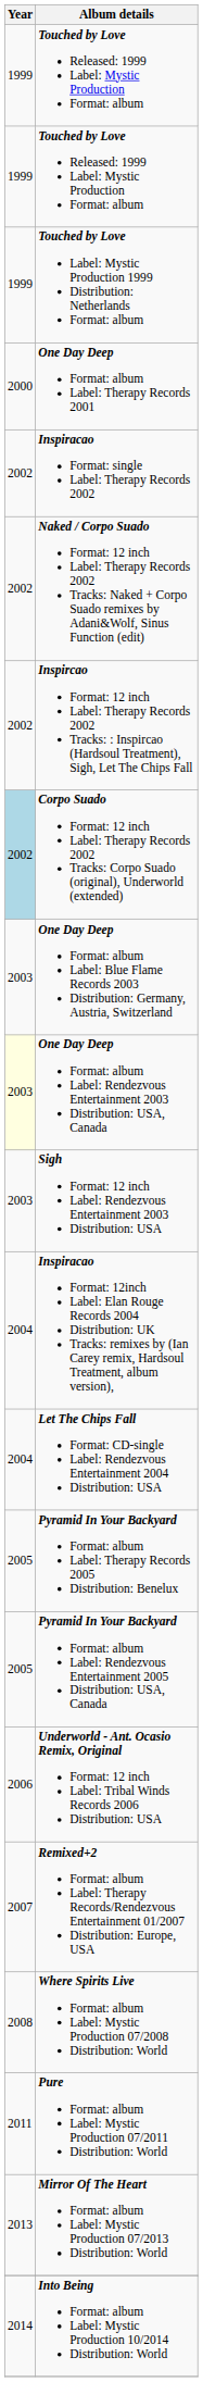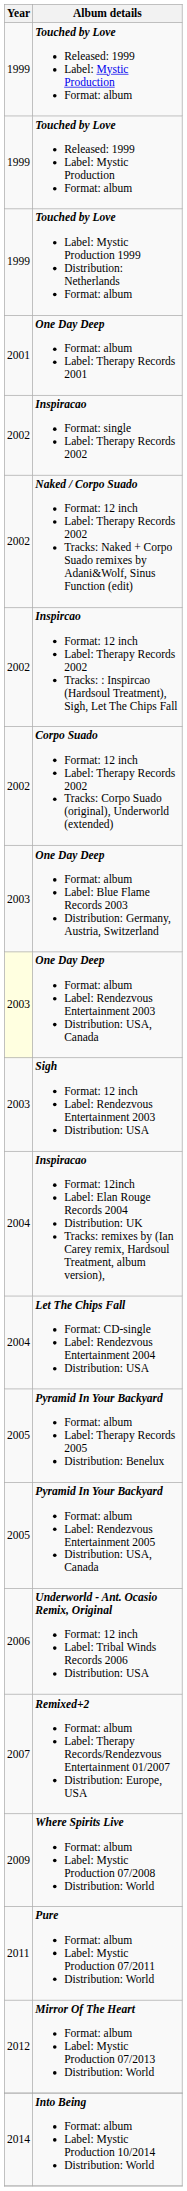 <table class="wikitable" style="text-align:center;">
 <tr>
 <th rowspan="1" style="width:30px;">Year</th>
 <th rowspan="1" style="width:200px;">Album details</th>
 </tr>
 <tr>
 <td style="text-align:left;">1999</td>
 <td style="text-align:left;"><strong><em>Touched by Love</em></strong><br><ul><li>Released: 1999</li><li>Label: <a href='#'>Mystic Production</a></li><li>Format: album</li></ul></td>
 </tr>
 <tr>
 <td style="text-align:left;">1999</td>
 <td style="text-align:left;"><strong><em>Touched by Love</em></strong><br><ul><li>Released: 1999</li><li>Label: Mystic Production</li><li>Format:  album</li></ul></td>
 </tr>
 <tr>
 <td style="text-align:left;">1999</td>
 <td style="text-align:left;"><strong><em>Touched by Love</em></strong><br><ul><li>Label: Mystic Production 1999</li><li>Distribution:  Netherlands</li><li>Format:  album</li></ul></td>
 </tr>
 <tr>
-<td style="text-align:left;">2000</td>
+<td style="text-align:left;">2001</td>
 <td style="text-align:left;"><strong><em>One Day Deep</em></strong><br><ul><li>Format:  album</li><li>Label: Therapy Records 2001</li></ul></td>
 </tr>
 <tr>
 <td style="text-align:left;">2002</td>
 <td style="text-align:left;"><strong><em>Inspiracao</em></strong><br><ul><li>Format:  single</li><li>Label: Therapy Records 2002</li></ul></td>
 </tr>
 <tr>
 <td style="text-align:left;">2002</td>
 <td style="text-align:left;"><strong><em>Naked / Corpo Suado</em></strong><br><ul><li>Format:  12 inch</li><li>Label: Therapy Records 2002</li><li>Tracks:  Naked + Corpo Suado remixes by Adani&Wolf, Sinus Function (edit)</li></ul></td>
 </tr>
 <tr>
 <td style="text-align:left;">2002</td>
 <td style="text-align:left;"><strong><em>Inspircao</em></strong><br><ul><li>Format:  12 inch</li><li>Label: Therapy Records 2002</li><li>Tracks:  : Inspircao (Hardsoul Treatment), Sigh, Let The Chips Fall</li></ul></td>
 </tr>
 <tr>
-<td style="background: lightblue; text-align:left;">2002</td>
+<td style="text-align:left;">2002</td>
 <td style="text-align:left;"><strong><em>Corpo Suado</em></strong><br><ul><li>Format:  12 inch</li><li>Label: Therapy Records 2002</li><li>Tracks: Corpo Suado (original), Underworld (extended)</li></ul></td>
 </tr>
 <tr>
 <td style="text-align:left;">2003</td>
 <td style="text-align:left;"><strong><em>One Day Deep</em></strong><br><ul><li>Format:  album</li><li>Label: Blue Flame Records 2003</li><li>Distribution:  Germany, Austria, Switzerland</li></ul></td>
 </tr>
 <tr>
 <td style="background: lightyellow; text-align:left;">2003</td>
 <td style="text-align:left;"><strong><em>One Day Deep</em></strong><br><ul><li>Format:  album</li><li>Label: Rendezvous Entertainment 2003</li><li>Distribution:  USA, Canada</li></ul></td>
 </tr>
 <tr>
 <td style="text-align:left;">2003</td>
 <td style="text-align:left;"><strong><em>Sigh</em></strong><br><ul><li>Format:  12 inch</li><li>Label: Rendezvous Entertainment 2003</li><li>Distribution:  USA</li></ul></td>
 </tr>
 <tr>
 <td style="text-align:left;">2004</td>
 <td style="text-align:left;"><strong><em>Inspiracao</em></strong><br><ul><li>Format:  12inch</li><li>Label: Elan Rouge Records 2004</li><li>Distribution:  UK</li><li>Tracks:  remixes by (Ian Carey remix, Hardsoul Treatment, album version),</li></ul></td>
 </tr>
 <tr>
 <td style="text-align:left;">2004</td>
 <td style="text-align:left;"><strong><em>Let The Chips Fall</em></strong><br><ul><li>Format:  CD-single</li><li>Label: Rendezvous Entertainment 2004</li><li>Distribution:  USA</li></ul></td>
 </tr>
 <tr>
 <td style="text-align:left;">2005</td>
 <td style="text-align:left;"><strong><em>Pyramid In Your Backyard</em></strong><br><ul><li>Format:  album</li><li>Label: Therapy Records 2005</li><li>Distribution:  Benelux</li></ul></td>
 </tr>
 <tr>
 <td style="text-align:left;">2005</td>
 <td style="text-align:left;"><strong><em>Pyramid In Your Backyard</em></strong><br><ul><li>Format:  album</li><li>Label: Rendezvous Entertainment 2005</li><li>Distribution:  USA, Canada</li></ul></td>
 </tr>
 <tr>
 <td style="text-align:left;">2006</td>
 <td style="text-align:left;"><strong><em>Underworld - Ant. Ocasio Remix, Original</em></strong><br><ul><li>Format:  12 inch</li><li>Label: Tribal Winds Records 2006</li><li>Distribution:  USA</li></ul></td>
 </tr>
 <tr>
 <td style="text-align:left;">2007</td>
 <td style="text-align:left;"><strong><em>Remixed+2</em></strong><br><ul><li>Format:  album</li><li>Label: Therapy Records/Rendezvous Entertainment 01/2007</li><li>Distribution:  Europe, USA</li></ul></td>
 </tr>
 <tr>
-<td style="text-align:left;">2008</td>
+<td style="text-align:left;">2009</td>
 <td style="text-align:left;"><strong><em>Where Spirits Live</em></strong><br><ul><li>Format:  album</li><li>Label: Mystic Production 07/2008</li><li>Distribution:  World</li></ul></td>
 </tr>
 <tr>
 <td style="text-align:left;">2011</td>
 <td style="text-align:left;"><strong><em>Pure</em></strong><br><ul><li>Format:  album</li><li>Label: Mystic Production 07/2011</li><li>Distribution:  World</li></ul></td>
 </tr>
 <tr>
-<td style="text-align:left;">2013</td>
+<td style="text-align:left;">2012</td>
 <td style="text-align:left;"><strong><em>Mirror Of The Heart</em></strong><br><ul><li>Format:  album</li><li>Label: Mystic Production 07/2013</li><li>Distribution:  World</li></ul></td>
 </tr>
 <tr>
 </tr>
 <tr>
 <td style="text-align:left;">2014</td>
 <td style="text-align:left;"><strong><em>Into Being</em></strong><br><ul><li>Format:  album</li><li>Label: Mystic Production 10/2014</li><li>Distribution:  World</li></ul></td>
 </tr>
 <tr>
 </tr>
 </table>
